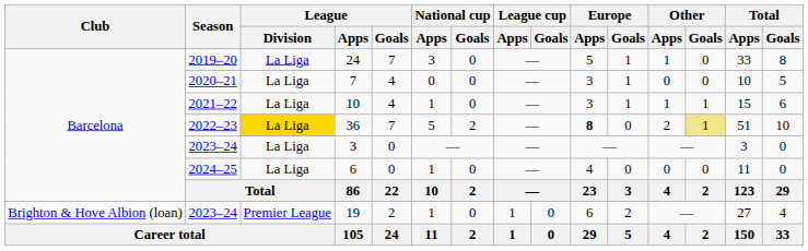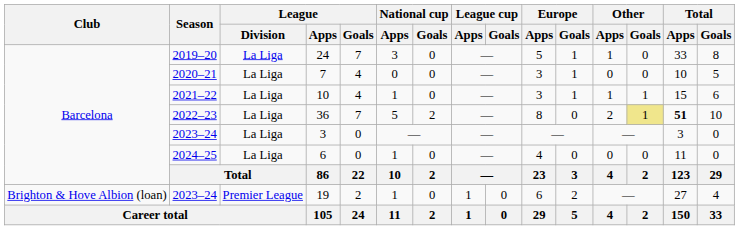 <table class="wikitable" style="text-align:center">
 <tr>
 <th rowspan="2">Club</th>
 <th rowspan="2">Season</th>
 <th colspan="3">League</th>
 <th colspan="2">National cup</th>
 <th colspan="2">League cup</th>
 <th colspan="2">Europe</th>
 <th colspan="2">Other</th>
 <th colspan="2">Total</th>
 </tr>
 <tr>
 <th>Division</th>
 <th>Apps</th>
 <th>Goals</th>
 <th>Apps</th>
 <th>Goals</th>
 <th>Apps</th>
 <th>Goals</th>
 <th>Apps</th>
 <th>Goals</th>
 <th>Apps</th>
 <th>Goals</th>
 <th>Apps</th>
 <th>Goals</th>
 </tr>
 <tr>
 <td rowspan="7"><a href='#'>Barcelona</a></td>
 <td><a href='#'>2019–20</a></td>
 <td><a href='#'>La Liga</a></td>
 <td>24</td>
 <td>7</td>
 <td>3</td>
 <td>0</td>
 <td colspan="2">—</td>
 <td>5</td>
 <td>1</td>
 <td>1</td>
 <td>0</td>
 <td>33</td>
 <td>8</td>
 </tr>
 <tr>
 <td><a href='#'>2020–21</a></td>
 <td>La Liga</td>
 <td>7</td>
 <td>4</td>
 <td>0</td>
 <td>0</td>
 <td colspan="2">—</td>
 <td>3</td>
 <td>1</td>
 <td>0</td>
 <td>0</td>
 <td>10</td>
 <td>5</td>
 </tr>
 <tr>
 <td><a href='#'>2021–22</a></td>
 <td>La Liga</td>
 <td>10</td>
 <td>4</td>
 <td>1</td>
 <td>0</td>
 <td colspan="2">—</td>
 <td>3</td>
 <td>1</td>
 <td>1</td>
 <td>1</td>
 <td>15</td>
 <td>6</td>
 </tr>
 <tr>
 <td><a href='#'>2022–23</a></td>
-<td style="background: gold;">La Liga</td>
+<td>La Liga</td>
 <td>36</td>
 <td>7</td>
 <td>5</td>
 <td>2</td>
 <td colspan="2">—</td>
-<td><strong>8</strong></td>
+<td>8</td>
 <td>0</td>
 <td>2</td>
 <td style="background: khaki;">1</td>
-<td>51</td>
+<td><strong>51</strong></td>
 <td>10</td>
 </tr>
 <tr>
 <td><a href='#'>2023–24</a></td>
 <td>La Liga</td>
 <td>3</td>
 <td>0</td>
 <td colspan="2">—</td>
 <td colspan="2">—</td>
 <td colspan="2">—</td>
 <td colspan="2">—</td>
 <td>3</td>
 <td>0</td>
 </tr>
 <tr>
 <td><a href='#'>2024–25</a></td>
 <td>La Liga</td>
 <td>6</td>
 <td>0</td>
 <td>1</td>
 <td>0</td>
 <td colspan="2">—</td>
 <td>4</td>
 <td>0</td>
 <td>0</td>
 <td>0</td>
 <td>11</td>
 <td>0</td>
 </tr>
 <tr>
 <th colspan="2">Total</th>
 <th>86</th>
 <th>22</th>
 <th>10</th>
 <th>2</th>
 <th colspan="2">—</th>
 <th>23</th>
 <th>3</th>
 <th>4</th>
 <th>2</th>
 <th>123</th>
 <th>29</th>
 </tr>
 <tr>
 <td><a href='#'>Brighton & Hove Albion</a> (loan)</td>
 <td><a href='#'>2023–24</a></td>
 <td><a href='#'>Premier League</a></td>
 <td>19</td>
 <td>2</td>
 <td>1</td>
 <td>0</td>
 <td>1</td>
 <td>0</td>
 <td>6</td>
 <td>2</td>
 <td colspan="2">—</td>
 <td>27</td>
 <td>4</td>
 </tr>
 <tr>
 <th colspan="3">Career total</th>
 <th>105</th>
 <th>24</th>
 <th>11</th>
 <th>2</th>
 <th>1</th>
 <th>0</th>
 <th>29</th>
 <th>5</th>
 <th>4</th>
 <th>2</th>
 <th>150</th>
 <th>33</th>
 </tr>
 </table>
